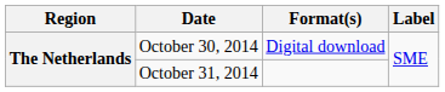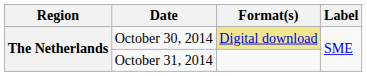 <table class="wikitable plainrowheaders">
 <tr>
 <th scope="col">Region</th>
 <th scope="col">Date</th>
 <th scope="col">Format(s)</th>
 <th scope="col">Label</th>
 </tr>
 <tr>
 <th scope="row" rowspan="2">The Netherlands</th>
 <td rowspan="1">October 30, 2014</td>
-<td rowspan="1"><a href='#'>Digital download</a></td>
+<td rowspan="1" style="background: khaki;"><a href='#'>Digital download</a></td>
 <td rowspan="2"><a href='#'>SME</a></td>
 </tr>
 <tr>
 <td rowspan="1">October 31, 2014</td>
 <td rowspan="1"></td>
 </tr>
 </table>
